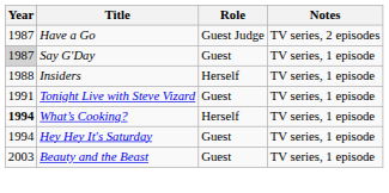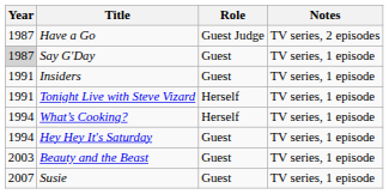 <table class="wikitable">
 <tr>
 <th>Year</th>
 <th>Title</th>
 <th>Role</th>
 <th>Notes</th>
 </tr>
 <tr>
 <td>1987</td>
 <td><em>Have a Go</em></td>
 <td>Guest Judge</td>
 <td>TV series, 2 episodes</td>
 </tr>
 <tr>
 <td style="background: lightgrey;">1987</td>
 <td><em>Say G'Day</em></td>
 <td>Guest</td>
 <td>TV series, 1 episode</td>
 </tr>
 <tr>
-<td>1988</td>
+<td>1991</td>
 <td><em>Insiders</em></td>
-<td>Herself</td>
+<td>Guest</td>
 <td>TV series, 1 episode</td>
 </tr>
 <tr>
 <td>1991</td>
 <td><em><a href='#'>Tonight Live with Steve Vizard</a></em></td>
-<td>Guest</td>
+<td>Herself</td>
 <td>TV series, 1 episode</td>
 </tr>
 <tr>
-<td><strong>1994</strong></td>
+<td>1994</td>
 <td><em><a href='#'>What’s Cooking?</a></em></td>
 <td>Herself</td>
 <td>TV series, 1 episode</td>
 </tr>
 <tr>
 <td>1994</td>
 <td><em><a href='#'>Hey Hey It's Saturday</a></em></td>
 <td>Guest</td>
 <td>TV series, 1 episode</td>
 </tr>
 <tr>
 <td>2003</td>
 <td><em><a href='#'>Beauty and the Beast</a></em></td>
 <td>Guest</td>
 <td>TV series, 1 episode</td>
 </tr>
+<tr>
+<td>2007</td>
+<td><em>Susie</em></td>
+<td>Guest</td>
+<td>TV series, 1 episode</td>
+</tr>
 </table>
